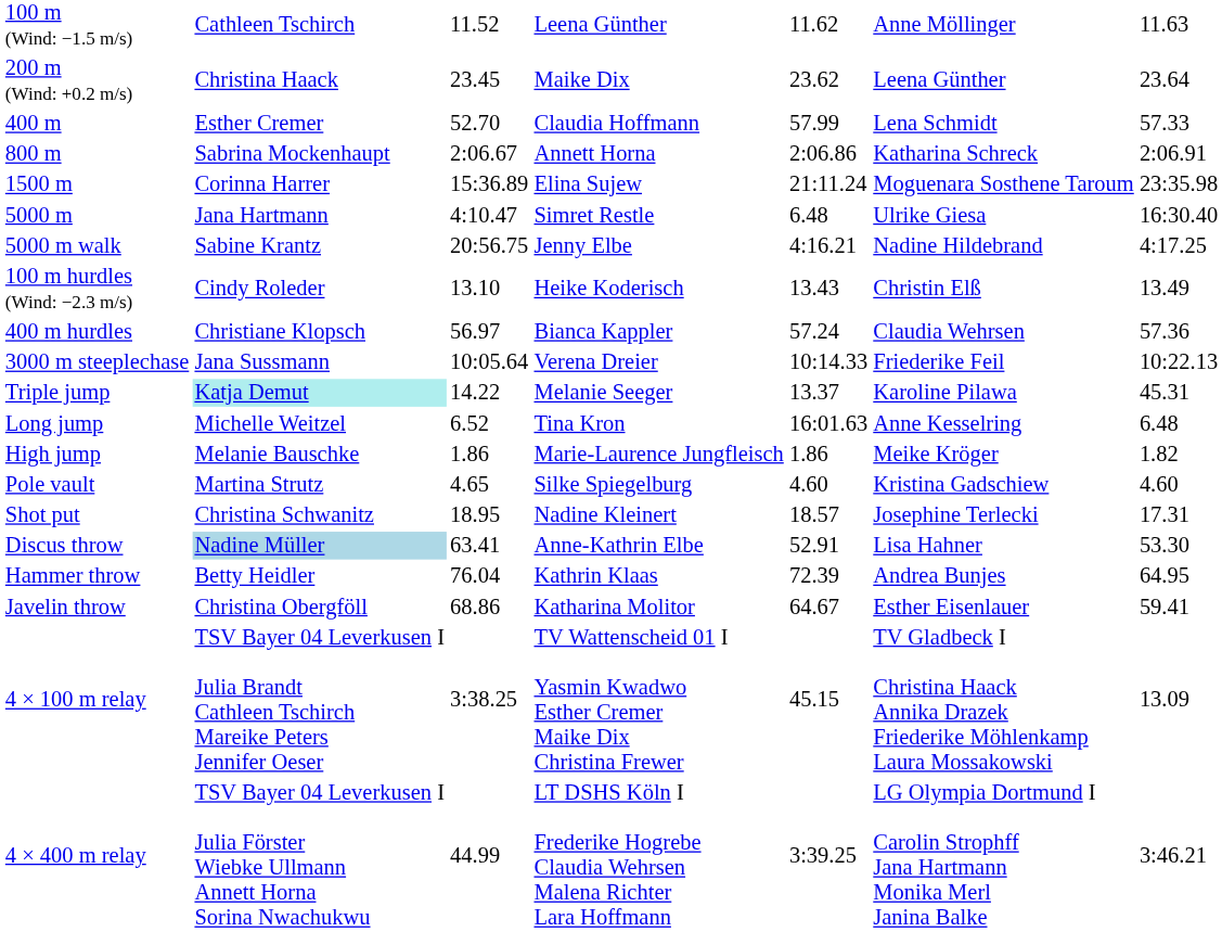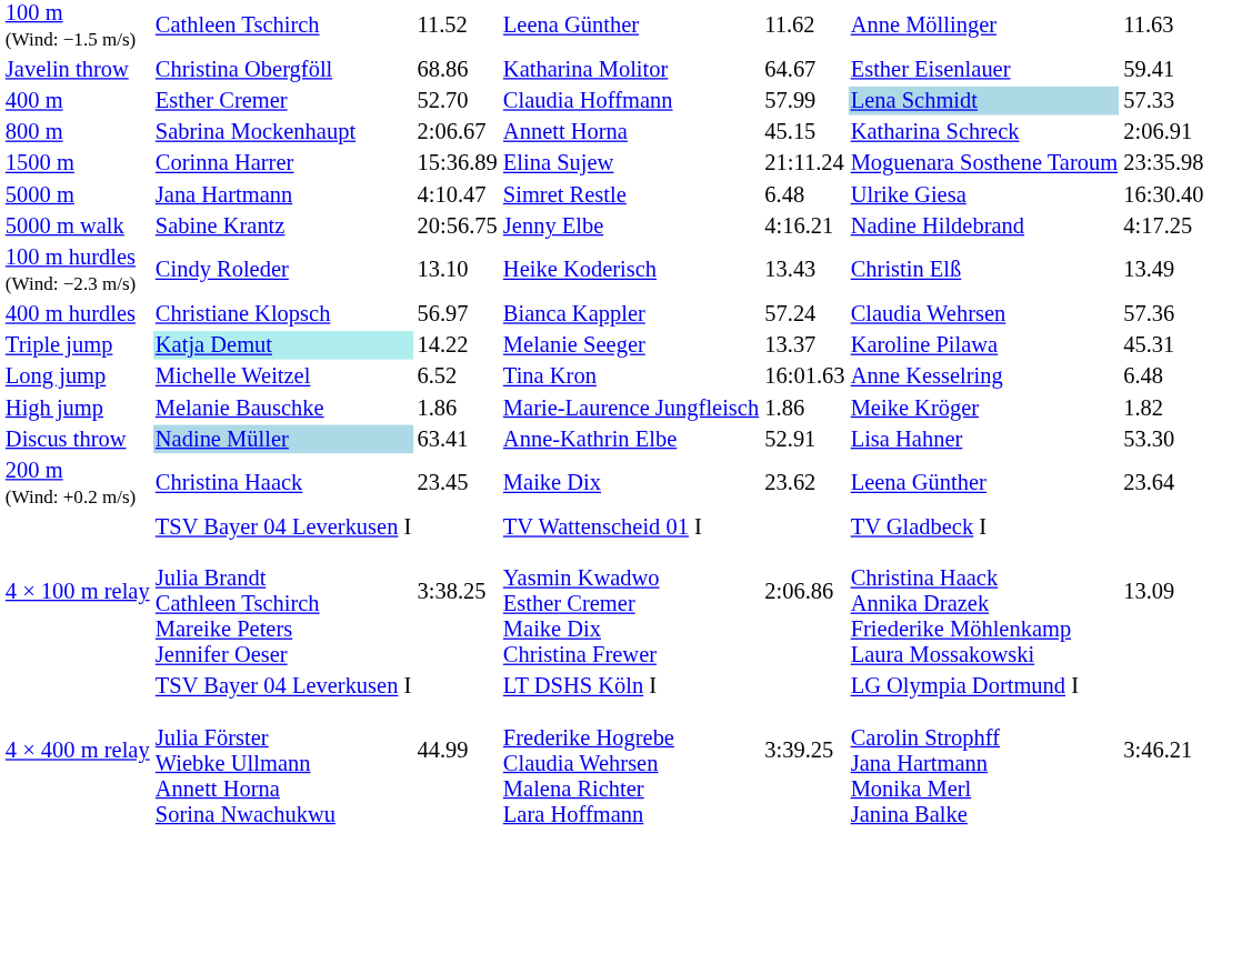 <table>
 <tr>
 <td><a href='#'>100 m</a><br><small>(Wind: −1.5 m/s)</small></td>
 <td><a href='#'>Cathleen Tschirch</a></td>
 <td>11.52</td>
 <td><a href='#'>Leena Günther</a></td>
 <td>11.62</td>
 <td><a href='#'>Anne Möllinger</a></td>
 <td>11.63</td>
 </tr>
 <tr>
-<td><a href='#'>200 m</a><br><small>(Wind: +0.2 m/s)</small></td>
-<td><a href='#'>Christina Haack</a></td>
-<td>23.45</td>
-<td><a href='#'>Maike Dix</a></td>
-<td>23.62</td>
-<td><a href='#'>Leena Günther</a></td>
-<td>23.64</td>
+<td><a href='#'>Javelin throw</a></td>
+<td><a href='#'>Christina Obergföll</a></td>
+<td>68.86 </td>
+<td><a href='#'>Katharina Molitor</a></td>
+<td>64.67 </td>
+<td><a href='#'>Esther Eisenlauer</a></td>
+<td>59.41</td>
 </tr>
 <tr>
 <td><a href='#'>400 m</a></td>
 <td><a href='#'>Esther Cremer</a></td>
 <td>52.70</td>
 <td><a href='#'>Claudia Hoffmann</a></td>
 <td>57.99</td>
-<td><a href='#'>Lena Schmidt</a></td>
+<td style="background: lightblue;"><a href='#'>Lena Schmidt</a></td>
 <td>57.33</td>
 </tr>
 <tr>
 <td><a href='#'>800 m</a></td>
 <td><a href='#'>Sabrina Mockenhaupt</a></td>
 <td>2:06.67</td>
 <td><a href='#'>Annett Horna</a></td>
-<td>2:06.86</td>
+<td>45.15</td>
 <td><a href='#'>Katharina Schreck</a></td>
 <td>2:06.91</td>
 </tr>
 <tr>
 <td><a href='#'>1500 m</a></td>
 <td><a href='#'>Corinna Harrer</a></td>
 <td>15:36.89</td>
 <td><a href='#'>Elina Sujew</a></td>
 <td>21:11.24</td>
 <td><a href='#'>Moguenara Sosthene Taroum</a></td>
 <td>23:35.98</td>
 </tr>
 <tr>
 <td><a href='#'>5000 m</a></td>
 <td><a href='#'>Jana Hartmann</a></td>
 <td>4:10.47</td>
 <td><a href='#'>Simret Restle</a></td>
 <td>6.48</td>
 <td><a href='#'>Ulrike Giesa</a></td>
 <td>16:30.40</td>
 </tr>
 <tr>
 <td><a href='#'>5000 m walk</a></td>
 <td><a href='#'>Sabine Krantz</a></td>
 <td>20:56.75</td>
 <td><a href='#'>Jenny Elbe</a></td>
 <td>4:16.21</td>
 <td><a href='#'>Nadine Hildebrand</a></td>
 <td>4:17.25</td>
 </tr>
 <tr>
 <td><a href='#'>100 m hurdles</a><br><small>(Wind: −2.3 m/s)</small></td>
 <td><a href='#'>Cindy Roleder</a></td>
 <td>13.10</td>
 <td><a href='#'>Heike Koderisch</a></td>
 <td>13.43</td>
 <td><a href='#'>Christin Elß</a></td>
 <td>13.49</td>
 </tr>
 <tr>
 <td><a href='#'>400 m hurdles</a></td>
 <td><a href='#'>Christiane Klopsch</a></td>
 <td>56.97</td>
 <td><a href='#'>Bianca Kappler</a></td>
 <td>57.24</td>
 <td><a href='#'>Claudia Wehrsen</a></td>
 <td>57.36</td>
 </tr>
 <tr>
-<td><a href='#'>3000 m steeplechase</a></td>
-<td><a href='#'>Jana Sussmann</a></td>
-<td>10:05.64</td>
-<td><a href='#'>Verena Dreier</a></td>
-<td>10:14.33</td>
-<td><a href='#'>Friederike Feil</a></td>
-<td>10:22.13</td>
-</tr>
-<tr>
 <td><a href='#'>Triple jump</a></td>
 <td style="background: paleturquoise;"><a href='#'>Katja Demut</a></td>
 <td>14.22</td>
 <td><a href='#'>Melanie Seeger</a></td>
 <td>13.37</td>
 <td><a href='#'>Karoline Pilawa</a></td>
 <td>45.31</td>
 </tr>
 <tr>
 <td><a href='#'>Long jump</a></td>
 <td><a href='#'>Michelle Weitzel</a></td>
 <td>6.52</td>
 <td><a href='#'>Tina Kron</a></td>
 <td>16:01.63</td>
 <td><a href='#'>Anne Kesselring</a></td>
 <td>6.48</td>
 </tr>
 <tr>
 <td><a href='#'>High jump</a></td>
 <td><a href='#'>Melanie Bauschke</a></td>
 <td>1.86</td>
 <td><a href='#'>Marie-Laurence Jungfleisch</a></td>
 <td>1.86</td>
 <td><a href='#'>Meike Kröger</a></td>
 <td>1.82</td>
 </tr>
 <tr>
-<td><a href='#'>Pole vault</a></td>
-<td><a href='#'>Martina Strutz</a></td>
-<td>4.65</td>
-<td><a href='#'>Silke Spiegelburg</a></td>
-<td>4.60</td>
-<td><a href='#'>Kristina Gadschiew</a></td>
-<td>4.60</td>
-</tr>
-<tr>
-<td><a href='#'>Shot put</a></td>
-<td><a href='#'>Christina Schwanitz</a></td>
-<td>18.95</td>
-<td><a href='#'>Nadine Kleinert</a></td>
-<td>18.57</td>
-<td><a href='#'>Josephine Terlecki</a></td>
-<td>17.31</td>
-</tr>
-<tr>
 <td><a href='#'>Discus throw</a></td>
 <td style="background: lightblue;"><a href='#'>Nadine Müller</a></td>
 <td>63.41</td>
 <td><a href='#'>Anne-Kathrin Elbe</a></td>
 <td>52.91</td>
 <td><a href='#'>Lisa Hahner</a></td>
 <td>53.30</td>
 </tr>
 <tr>
-<td><a href='#'>Hammer throw</a></td>
-<td><a href='#'>Betty Heidler</a></td>
-<td>76.04 </td>
-<td><a href='#'>Kathrin Klaas</a></td>
-<td>72.39</td>
-<td><a href='#'>Andrea Bunjes</a></td>
-<td>64.95</td>
-</tr>
-<tr>
-<td><a href='#'>Javelin throw</a></td>
-<td><a href='#'>Christina Obergföll</a></td>
-<td>68.86 </td>
-<td><a href='#'>Katharina Molitor</a></td>
-<td>64.67 </td>
-<td><a href='#'>Esther Eisenlauer</a></td>
-<td>59.41</td>
+<td><a href='#'>200 m</a><br><small>(Wind: +0.2 m/s)</small></td>
+<td><a href='#'>Christina Haack</a></td>
+<td>23.45</td>
+<td><a href='#'>Maike Dix</a></td>
+<td>23.62</td>
+<td><a href='#'>Leena Günther</a></td>
+<td>23.64</td>
 </tr>
 <tr>
 <td><a href='#'>4 × 100 m relay</a></td>
 <td><a href='#'>TSV Bayer 04 Leverkusen</a> I <br><br><a href='#'>Julia Brandt</a> <br> <a href='#'>Cathleen Tschirch</a> <br> <a href='#'>Mareike Peters</a> <br> <a href='#'>Jennifer Oeser</a></td>
 <td>3:38.25</td>
 <td><a href='#'>TV Wattenscheid 01</a> I <br><br><a href='#'>Yasmin Kwadwo</a> <br> <a href='#'>Esther Cremer</a> <br> <a href='#'>Maike Dix</a> <br> <a href='#'>Christina Frewer</a></td>
-<td>45.15</td>
+<td>2:06.86</td>
 <td><a href='#'>TV Gladbeck</a> I <br><br><a href='#'>Christina Haack</a> <br> <a href='#'>Annika Drazek</a> <br> <a href='#'>Friederike Möhlenkamp</a> <br> <a href='#'>Laura Mossakowski</a></td>
 <td>13.09</td>
 </tr>
 <tr>
 <td><a href='#'>4 × 400 m relay</a></td>
 <td><a href='#'>TSV Bayer 04 Leverkusen</a> I <br><br><a href='#'>Julia Förster</a> <br> <a href='#'>Wiebke Ullmann</a> <br> <a href='#'>Annett Horna</a> <br> <a href='#'>Sorina Nwachukwu</a></td>
 <td>44.99</td>
 <td><a href='#'>LT DSHS Köln</a> I <br><br><a href='#'>Frederike Hogrebe</a> <br> <a href='#'>Claudia Wehrsen</a> <br> <a href='#'>Malena Richter</a> <br> <a href='#'>Lara Hoffmann</a></td>
 <td>3:39.25</td>
 <td><a href='#'>LG Olympia Dortmund</a> I <br><br><a href='#'>Carolin Strophff</a> <br> <a href='#'>Jana Hartmann</a> <br> <a href='#'>Monika Merl</a> <br> <a href='#'>Janina Balke</a></td>
 <td>3:46.21</td>
 </tr>
 </table>
